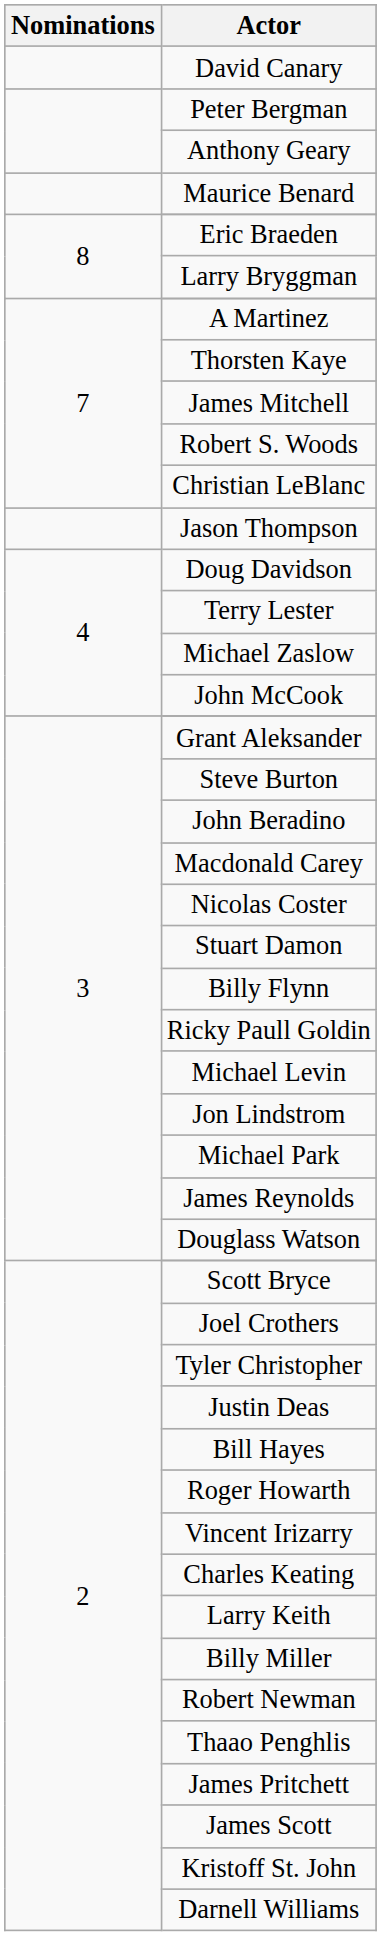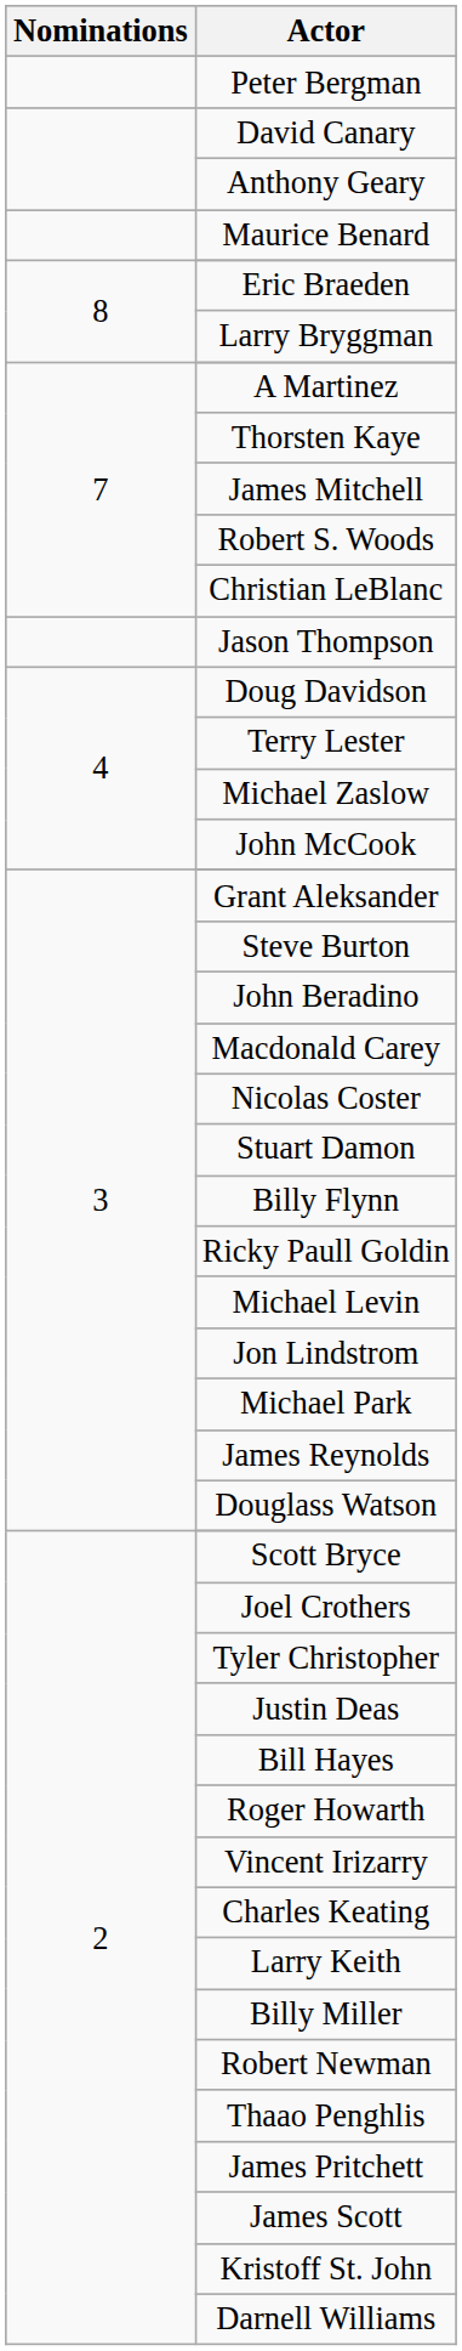 <table class="wikitable" style="text-align: center;">
 <tr>
 <th scope="col" width="55">Nominations</th>
 <th scope="col" align="center">Actor</th>
 </tr>
 <tr>
 <td scope="row"></td>
-<td>David Canary</td>
+<td>Peter Bergman</td>
 </tr>
 <tr>
 <td scope="row" rowspan=2 style="text-align:center"></td>
-<td>Peter Bergman</td>
+<td>David Canary</td>
 </tr>
 <tr>
 <td>Anthony Geary</td>
 </tr>
 <tr>
 <td scope="row"  style="text-align:center"></td>
 <td>Maurice Benard</td>
 </tr>
 <tr>
 <td scope="row" rowspan=3 style="text-align:center">8</td>
 </tr>
 <tr>
 <td>Eric Braeden</td>
 </tr>
 <tr>
 <td>Larry Bryggman</td>
 </tr>
 <tr>
 <td scope="row" rowspan=6 style="text-align:center">7</td>
 </tr>
 <tr>
 <td>A Martinez</td>
 </tr>
 <tr>
 <td>Thorsten Kaye</td>
 </tr>
 <tr>
 <td>James Mitchell</td>
 </tr>
 <tr>
 <td>Robert S. Woods</td>
 </tr>
 <tr>
 <td>Christian LeBlanc</td>
 </tr>
 <tr>
 <td scope="row"  style="text-align:center"></td>
 <td>Jason Thompson</td>
 </tr>
 <tr>
 <td scope="row" rowspan=4 style="text-align:center">4</td>
 <td>Doug Davidson</td>
 </tr>
 <tr>
 <td>Terry Lester</td>
 </tr>
 <tr>
 <td>Michael Zaslow</td>
 </tr>
 <tr>
 <td>John McCook</td>
 </tr>
 <tr>
 <td scope="row" rowspan=14 style="text-align:center">3</td>
 </tr>
 <tr>
 <td>Grant Aleksander</td>
 </tr>
 <tr>
 <td>Steve Burton</td>
 </tr>
 <tr>
 <td>John Beradino</td>
 </tr>
 <tr>
 <td>Macdonald Carey</td>
 </tr>
 <tr>
 <td>Nicolas Coster</td>
 </tr>
 <tr>
 <td>Stuart Damon</td>
 </tr>
 <tr>
 <td>Billy Flynn</td>
 </tr>
 <tr>
 <td>Ricky Paull Goldin</td>
 </tr>
 <tr>
 <td>Michael Levin</td>
 </tr>
 <tr>
 <td>Jon Lindstrom</td>
 </tr>
 <tr>
 <td>Michael Park</td>
 </tr>
 <tr>
 <td>James Reynolds</td>
 </tr>
 <tr>
 <td>Douglass Watson</td>
 </tr>
 <tr>
 <td scope="row" rowspan=18 style="text-align:center">2</td>
 </tr>
 <tr>
 <td>Scott Bryce</td>
 </tr>
 <tr>
 <td>Joel Crothers</td>
 </tr>
 <tr>
 <td>Tyler Christopher</td>
 </tr>
 <tr>
 <td>Justin Deas</td>
 </tr>
 <tr>
 <td>Bill Hayes</td>
 </tr>
 <tr>
 <td>Roger Howarth</td>
 </tr>
 <tr>
 <td>Vincent Irizarry</td>
 </tr>
 <tr>
 <td>Charles Keating</td>
 </tr>
 <tr>
 <td>Larry Keith</td>
 </tr>
 <tr>
 <td>Billy Miller</td>
 </tr>
 <tr>
 <td>Robert Newman</td>
 </tr>
 <tr>
 <td>Thaao Penghlis</td>
 </tr>
 <tr>
 <td>James Pritchett</td>
 </tr>
 <tr>
 <td>James Scott</td>
 </tr>
 <tr>
 <td>Kristoff St. John</td>
 </tr>
 <tr>
 <td>Darnell Williams</td>
 </tr>
 </table>
